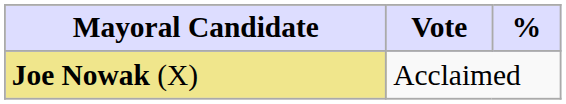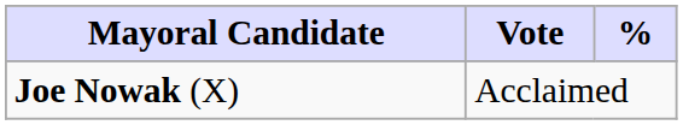 <table class="wikitable">
 <tr>
 <th style="background:#ddf; width:200px;">Mayoral Candidate</th>
 <th style="background:#ddf; width:50px;">Vote</th>
 <th style="background:#ddf; width:30px;">%</th>
 </tr>
 <tr>
-<td style="background: khaki;"><strong>Joe Nowak</strong> (X)</td>
+<td><strong>Joe Nowak</strong> (X)</td>
 <td colspan="2">Acclaimed</td>
 </tr>
 </table>
